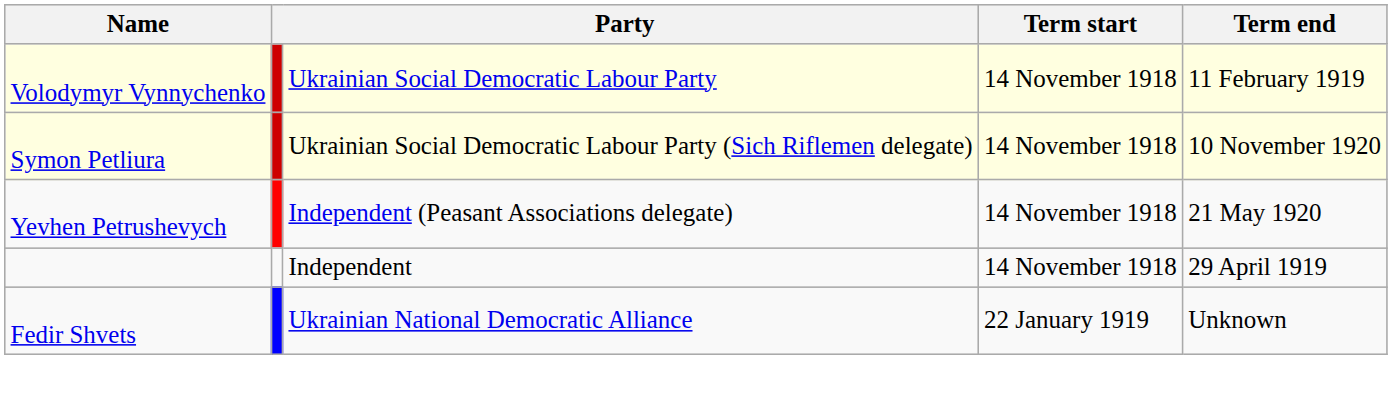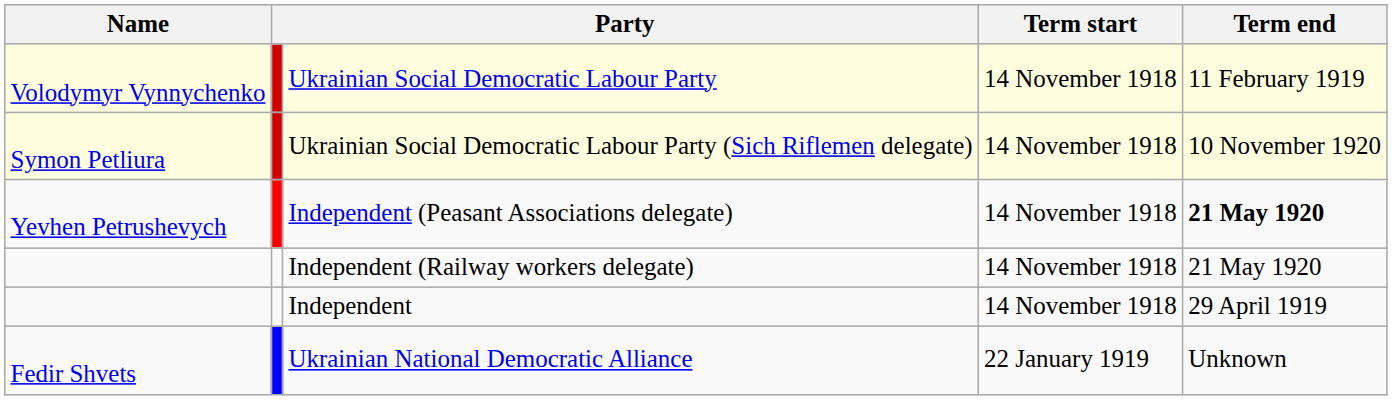 <table class="wikitable">
 <tr>
 <th>Name</th>
 <th scope="col" colspan=2>Party</th>
 <th>Term start</th>
 <th>Term end</th>
 </tr>
 <tr>
 <td style="background:#FFFFE0"><br><a href='#'>Volodymyr Vynnychenko</a></td>
 <td style="background-color:#CE0000"></td>
 <td style="background:#FFFFE0"><a href='#'>Ukrainian Social Democratic Labour Party</a></td>
 <td style="background:#FFFFE0">14 November 1918</td>
 <td style="background:#FFFFE0">11 February 1919</td>
 </tr>
 <tr>
 <td style="background:#FFFFE0"><br><a href='#'>Symon Petliura</a></td>
 <td style="background-color:#CE0000"></td>
 <td style="background:#FFFFE0">Ukrainian Social Democratic Labour Party (<a href='#'>Sich Riflemen</a> delegate)</td>
 <td style="background:#FFFFE0">14 November 1918</td>
 <td style="background:#FFFFE0">10 November 1920</td>
 </tr>
 <tr>
 <td><br><a href='#'>Yevhen Petrushevych</a></td>
 <td style="background-color:red"></td>
 <td><a href='#'>Independent</a> (Peasant Associations delegate)</td>
 <td>14 November 1918</td>
+<td><strong>21 May 1920</strong></td>
+</tr>
+<tr>
+<td><br></td>
+<td style="background-color:"></td>
+<td>Independent (Railway workers delegate)</td>
+<td>14 November 1918</td>
 <td>21 May 1920</td>
 </tr>
 <tr>
 <td></td>
 <td style="background-color:"></td>
 <td>Independent</td>
 <td>14 November 1918</td>
 <td>29 April 1919</td>
 </tr>
 <tr>
 <td><br><a href='#'>Fedir Shvets</a></td>
 <td style="background-color:#0000FF"></td>
 <td><a href='#'>Ukrainian National Democratic Alliance</a></td>
 <td>22 January 1919</td>
 <td>Unknown</td>
 </tr>
 </table>
